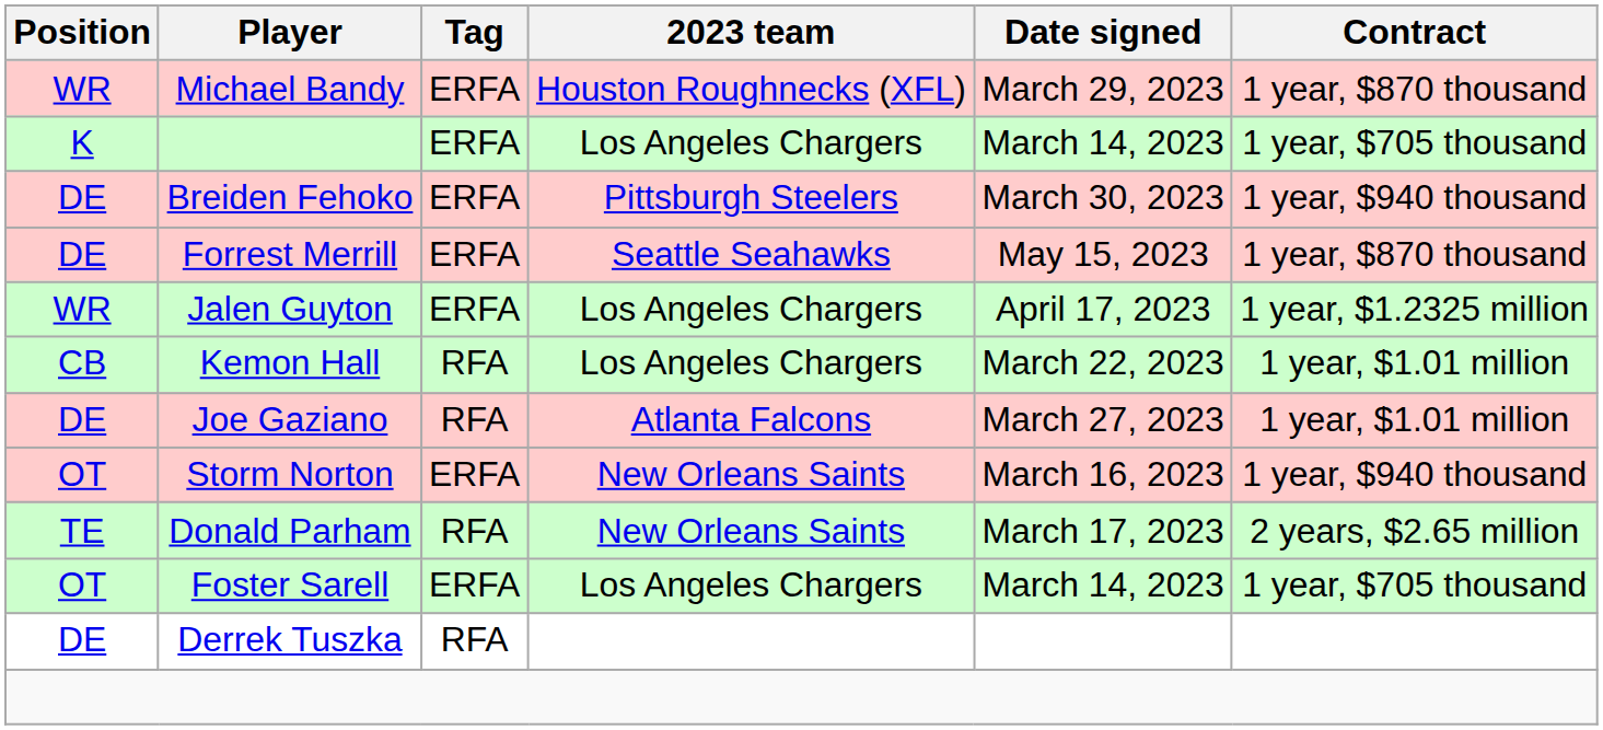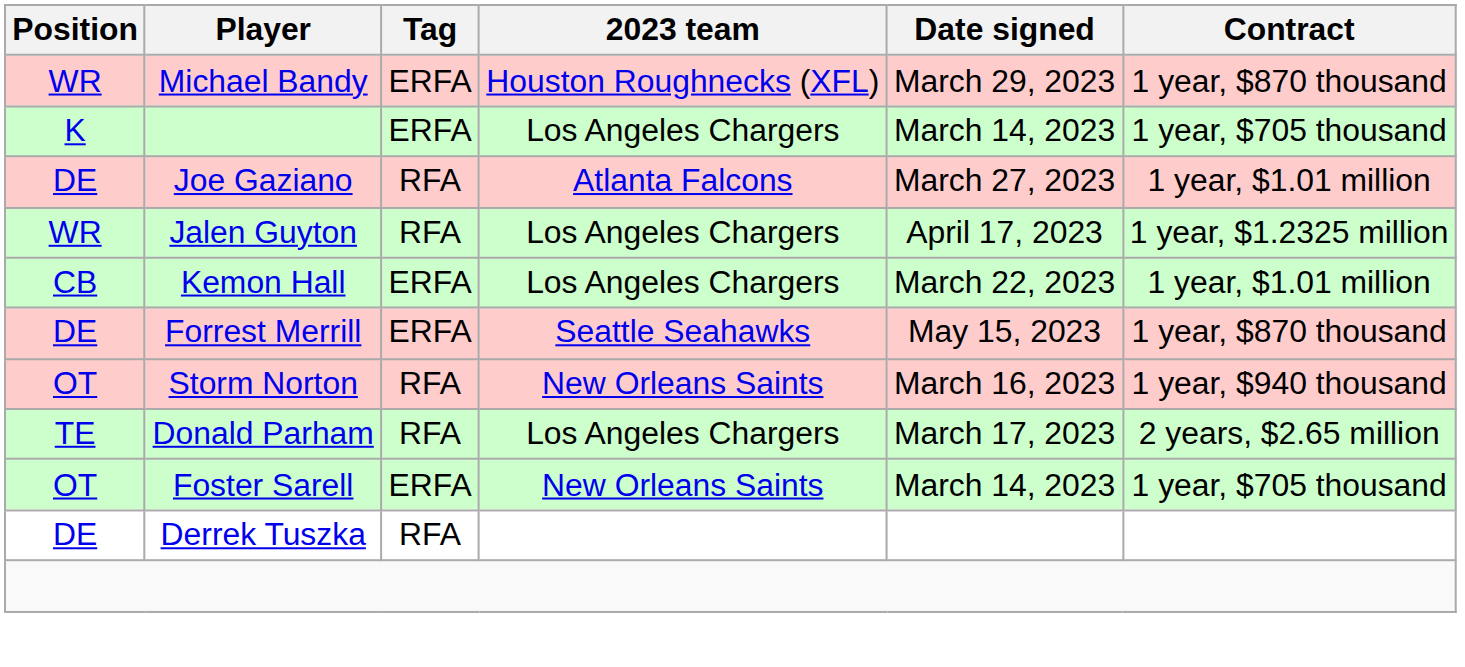 <table class="wikitable" style="text-align:center">
 <tr>
 <th>Position</th>
 <th>Player</th>
 <th>Tag</th>
 <th>2023 team</th>
 <th>Date signed</th>
 <th>Contract</th>
 </tr>
 <tr style="background:#fcc">
 <td><a href='#'>WR</a></td>
 <td><a href='#'>Michael Bandy</a></td>
 <td>ERFA</td>
 <td><a href='#'>Houston Roughnecks</a> (<a href='#'>XFL</a>)</td>
 <td>March 29, 2023</td>
 <td>1 year, $870 thousand</td>
 </tr>
 <tr style="background:#cfc">
 <td><a href='#'>K</a></td>
 <td></td>
 <td>ERFA</td>
 <td>Los Angeles Chargers</td>
 <td>March 14, 2023</td>
 <td>1 year, $705 thousand</td>
 </tr>
 <tr style="background:#fcc">
 <td><a href='#'>DE</a></td>
-<td><a href='#'>Breiden Fehoko</a></td>
+<td><a href='#'>Joe Gaziano</a></td>
+<td>RFA</td>
+<td><a href='#'>Atlanta Falcons</a></td>
+<td>March 27, 2023</td>
+<td>1 year, $1.01 million</td>
+</tr>
+<tr style="background:#cfc">
+<td><a href='#'>WR</a></td>
+<td><a href='#'>Jalen Guyton</a></td>
+<td>RFA</td>
+<td>Los Angeles Chargers</td>
+<td>April 17, 2023</td>
+<td>1 year, $1.2325 million</td>
+</tr>
+<tr style="background:#cfc">
+<td><a href='#'>CB</a></td>
+<td><a href='#'>Kemon Hall</a></td>
 <td>ERFA</td>
-<td><a href='#'>Pittsburgh Steelers</a></td>
-<td>March 30, 2023</td>
-<td>1 year, $940 thousand</td>
+<td>Los Angeles Chargers</td>
+<td>March 22, 2023</td>
+<td>1 year, $1.01 million</td>
 </tr>
 <tr style="background:#fcc">
 <td><a href='#'>DE</a></td>
 <td><a href='#'>Forrest Merrill</a></td>
 <td>ERFA</td>
 <td><a href='#'>Seattle Seahawks</a></td>
 <td>May 15, 2023</td>
 <td>1 year, $870 thousand</td>
 </tr>
-<tr style="background:#cfc">
-<td><a href='#'>WR</a></td>
-<td><a href='#'>Jalen Guyton</a></td>
-<td>ERFA</td>
-<td>Los Angeles Chargers</td>
-<td>April 17, 2023</td>
-<td>1 year, $1.2325 million</td>
-</tr>
-<tr style="background:#cfc">
-<td><a href='#'>CB</a></td>
-<td><a href='#'>Kemon Hall</a></td>
-<td>RFA</td>
-<td>Los Angeles Chargers</td>
-<td>March 22, 2023</td>
-<td>1 year, $1.01 million</td>
-</tr>
-<tr style="background:#fcc">
-<td><a href='#'>DE</a></td>
-<td><a href='#'>Joe Gaziano</a></td>
-<td>RFA</td>
-<td><a href='#'>Atlanta Falcons</a></td>
-<td>March 27, 2023</td>
-<td>1 year, $1.01 million</td>
-</tr>
 <tr style="background:#fcc">
 <td><a href='#'>OT</a></td>
 <td><a href='#'>Storm Norton</a></td>
-<td>ERFA</td>
+<td>RFA</td>
 <td><a href='#'>New Orleans Saints</a></td>
 <td>March 16, 2023</td>
 <td>1 year, $940 thousand</td>
 </tr>
 <tr style="background:#cfc">
 <td><a href='#'>TE</a></td>
 <td><a href='#'>Donald Parham</a></td>
 <td>RFA</td>
-<td><a href='#'>New Orleans Saints</a></td>
+<td>Los Angeles Chargers</td>
 <td>March 17, 2023</td>
 <td>2 years, $2.65 million</td>
 </tr>
 <tr style="background:#cfc">
 <td><a href='#'>OT</a></td>
 <td><a href='#'>Foster Sarell</a></td>
 <td>ERFA</td>
-<td>Los Angeles Chargers</td>
+<td><a href='#'>New Orleans Saints</a></td>
 <td>March 14, 2023</td>
 <td>1 year, $705 thousand</td>
 </tr>
 <tr style="background:#fff">
 <td><a href='#'>DE</a></td>
 <td><a href='#'>Derrek Tuszka</a></td>
 <td>RFA</td>
 <td></td>
 <td></td>
 <td></td>
 </tr>
 <tr>
 <td colspan=6><br></td>
 </tr>
 </table>
